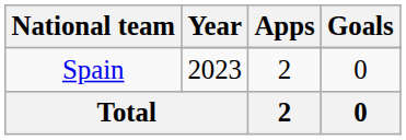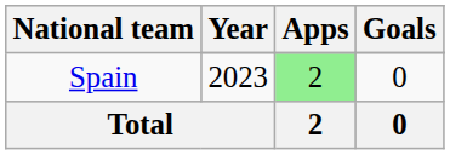 <table class=wikitable style="text-align: center;">
 <tr>
 <th>National team</th>
 <th>Year</th>
 <th>Apps</th>
 <th>Goals</th>
 </tr>
 <tr>
 <td rowspan="2"><a href='#'>Spain</a></td>
 </tr>
 <tr>
 <td>2023</td>
-<td>2</td>
+<td style="background: lightgreen;">2</td>
 <td>0</td>
 </tr>
 <tr>
 <th colspan="2">Total</th>
 <th>2</th>
 <th>0</th>
 </tr>
 </table>
